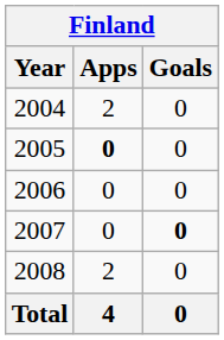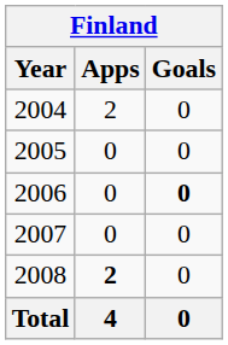 <table class=wikitable style=text-align:center>
 <tr>
 <th colspan=4><a href='#'>Finland</a></th>
 </tr>
 <tr>
 <th>Year</th>
 <th>Apps</th>
 <th>Goals</th>
 </tr>
 <tr>
 <td>2004</td>
 <td>2</td>
 <td>0</td>
 </tr>
 <tr>
 <td>2005</td>
-<td><strong>0</strong></td>
+<td>0</td>
 <td>0</td>
 </tr>
 <tr>
 <td>2006</td>
 <td>0</td>
-<td>0</td>
+<td><strong>0</strong></td>
 </tr>
 <tr>
 <td>2007</td>
 <td>0</td>
-<td><strong>0</strong></td>
+<td>0</td>
 </tr>
 <tr>
 <td>2008</td>
-<td>2</td>
+<td><strong>2</strong></td>
 <td>0</td>
 </tr>
 <tr>
 <th colspan=1>Total</th>
 <th>4</th>
 <th>0</th>
 </tr>
 </table>
